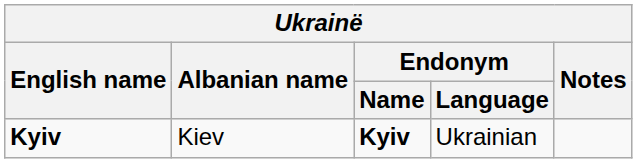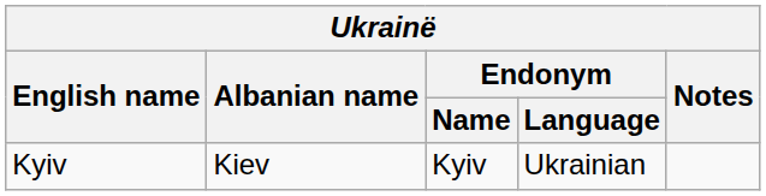 <table class="wikitable sortable">
 <tr>
 <th colspan="5"> <em>Ukrainë</em></th>
 </tr>
 <tr>
 <th rowspan="2">English name</th>
 <th rowspan="2">Albanian name</th>
 <th colspan="2">Endonym</th>
 <th rowspan="2">Notes</th>
 </tr>
 <tr>
 <th>Name</th>
 <th>Language</th>
 </tr>
 <tr>
-<td><strong>Kyiv</strong></td>
+<td>Kyiv</td>
 <td>Kiev</td>
-<td><strong>Kyiv</strong></td>
+<td>Kyiv</td>
 <td>Ukrainian</td>
 <td></td>
 </tr>
 </table>
